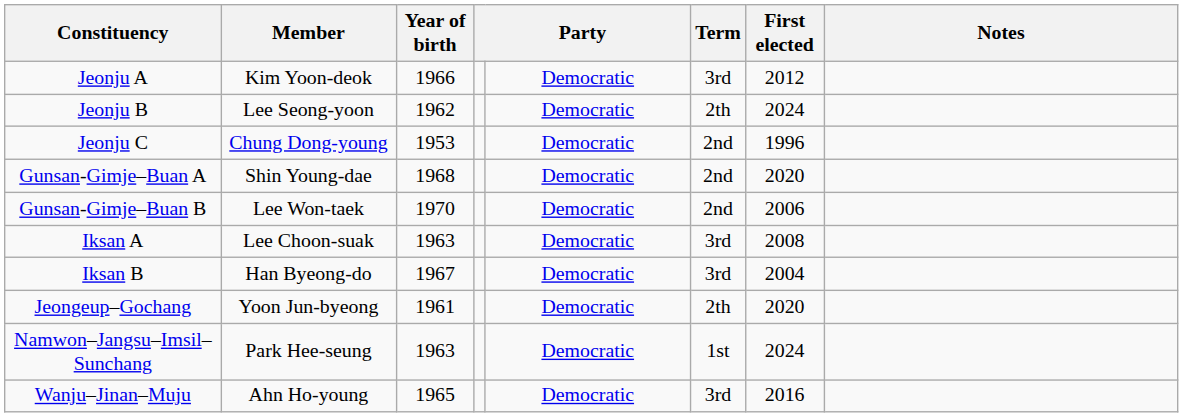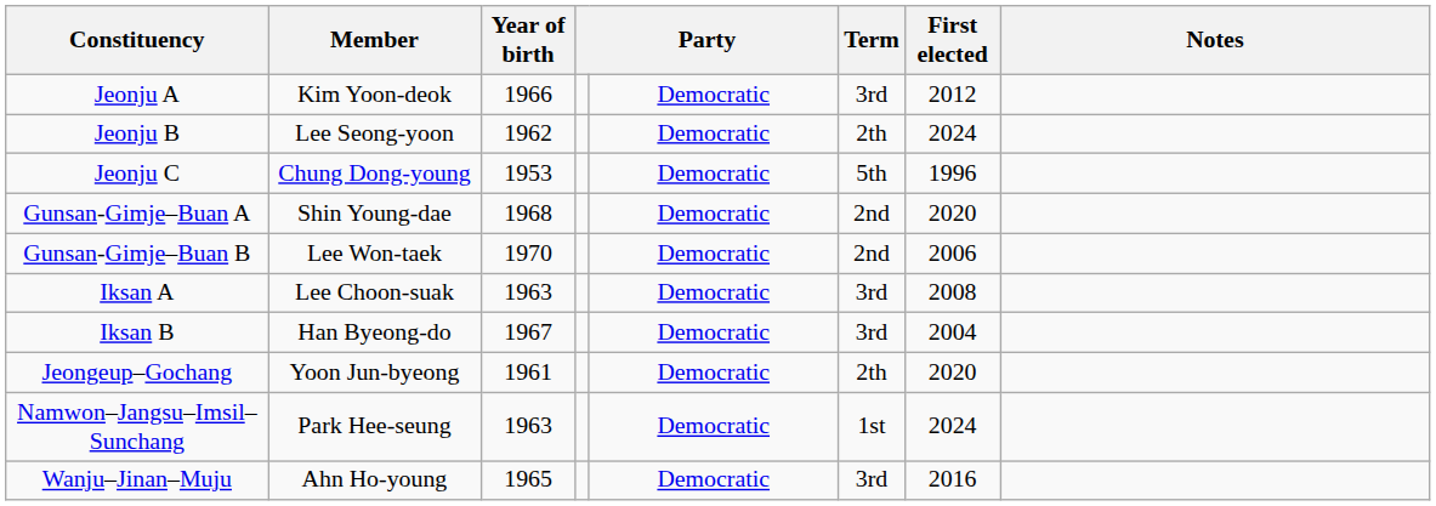 <table class="wikitable sortable" style="font-size:90%; text-align:center">
 <tr>
 <th scope="col" style="width:150px;">Constituency</th>
 <th scope="col" style="width:120px;">Member</th>
 <th scope="col" style="width:50px;">Year of birth</th>
 <th scope="col" style="width:150px;" colspan="2">Party</th>
 <th scope="col" style="width:20px;">Term</th>
 <th scope="col" style="width:50px;">First elected</th>
 <th scope="col" style="width:250px;" class="unsortable">Notes</th>
 </tr>
 <tr>
 <td><a href='#'>Jeonju</a> A</td>
 <td>Kim Yoon-deok</td>
 <td>1966</td>
 <td scope="row" width="1" style="background-color:"></td>
 <td><a href='#'>Democratic</a></td>
 <td>3rd</td>
 <td>2012</td>
 <td></td>
 </tr>
 <tr>
 <td><a href='#'>Jeonju</a> B</td>
 <td>Lee Seong-yoon</td>
 <td>1962</td>
 <td scope="row" style="background-color:"></td>
 <td><a href='#'>Democratic</a></td>
 <td>2th</td>
 <td>2024</td>
 <td></td>
 </tr>
 <tr>
 <td><a href='#'>Jeonju</a> C</td>
 <td><a href='#'>Chung Dong-young</a></td>
 <td>1953</td>
 <td scope="row" style="background-color:"></td>
 <td><a href='#'>Democratic</a></td>
-<td>2nd</td>
+<td>5th</td>
 <td>1996</td>
 <td></td>
 </tr>
 <tr>
 <td><a href='#'>Gunsan</a>-<a href='#'>Gimje</a>–<a href='#'>Buan</a> A</td>
 <td>Shin Young-dae</td>
 <td>1968</td>
 <td scope="row" style="background-color:"></td>
 <td><a href='#'>Democratic</a></td>
 <td>2nd</td>
 <td>2020</td>
 <td></td>
 </tr>
 <tr>
 <td><a href='#'>Gunsan</a>-<a href='#'>Gimje</a>–<a href='#'>Buan</a> B</td>
 <td>Lee Won-taek</td>
 <td>1970</td>
 <td scope="row" style="background-color:"></td>
 <td><a href='#'>Democratic</a></td>
 <td>2nd</td>
 <td>2006</td>
 <td></td>
 </tr>
 <tr>
 <td><a href='#'>Iksan</a> A</td>
 <td>Lee Choon-suak</td>
 <td>1963</td>
 <td scope="row" style="background-color:"></td>
 <td><a href='#'>Democratic</a></td>
 <td>3rd</td>
 <td>2008</td>
 <td></td>
 </tr>
 <tr>
 <td><a href='#'>Iksan</a> B</td>
 <td>Han Byeong-do</td>
 <td>1967</td>
 <td scope="row" style="background-color:"></td>
 <td><a href='#'>Democratic</a></td>
 <td>3rd</td>
 <td>2004</td>
 <td></td>
 </tr>
 <tr>
 <td><a href='#'>Jeongeup</a>–<a href='#'>Gochang</a></td>
 <td>Yoon Jun-byeong</td>
 <td>1961</td>
 <td scope="row" style="background-color:"></td>
 <td><a href='#'>Democratic</a></td>
 <td>2th</td>
 <td>2020</td>
 <td></td>
 </tr>
 <tr>
 <td><a href='#'>Namwon</a>–<a href='#'>Jangsu</a>–<a href='#'>Imsil</a>–<a href='#'>Sunchang</a></td>
 <td>Park Hee-seung</td>
 <td>1963</td>
 <td scope="row" style="background-color:"></td>
 <td><a href='#'>Democratic</a></td>
 <td>1st</td>
 <td>2024</td>
 <td></td>
 </tr>
 <tr>
 <td><a href='#'>Wanju</a>–<a href='#'>Jinan</a>–<a href='#'>Muju</a></td>
 <td>Ahn Ho-young</td>
 <td>1965</td>
 <td scope="row" style="background-color:"></td>
 <td><a href='#'>Democratic</a></td>
 <td>3rd</td>
 <td>2016</td>
 <td></td>
 </tr>
 </table>
